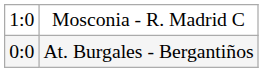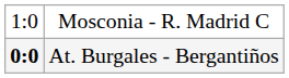 <table class="wikitable">
 <tr align=center bgcolor=white>
 <td>1:0</td>
 <td>Mosconia - R. Madrid C</td>
 </tr>
 <tr align=center bgcolor=#F5F5F5>
-<td>0:0</td>
+<td><strong>0:0</strong></td>
 <td>At. Burgales - Bergantiños</td>
 </tr>
 </table>
